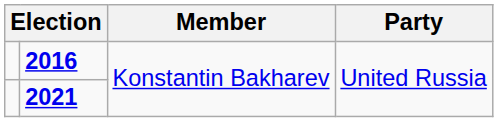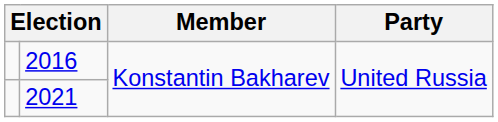 <table class="wikitable">
 <tr>
 <th colspan="2">Election</th>
 <th>Member</th>
 <th>Party</th>
 </tr>
 <tr>
 <td style="background-color:"></td>
-<td><strong><a href='#'>2016</a></strong></td>
+<td><a href='#'>2016</a></td>
 <td rowspan=2><a href='#'>Konstantin Bakharev</a></td>
 <td rowspan=2><a href='#'>United Russia</a></td>
 </tr>
 <tr>
 <td style="background-color:"></td>
-<td><strong><a href='#'>2021</a></strong></td>
+<td><a href='#'>2021</a></td>
 </tr>
 </table>
